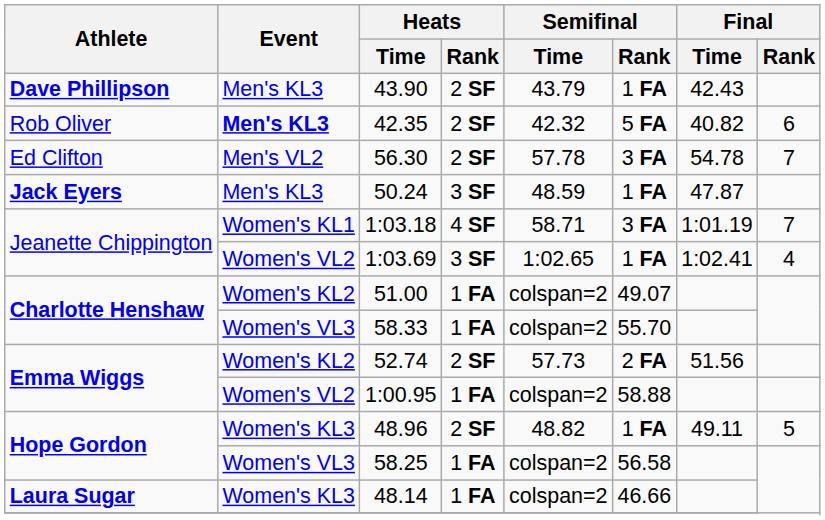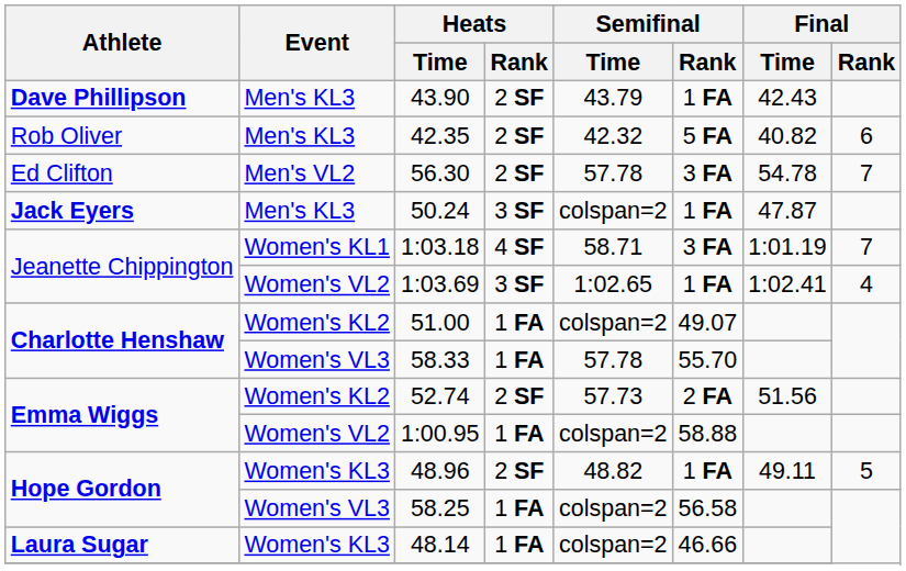 <table class="wikitable" style="font-size:90%">
 <tr>
 <th rowspan="2">Athlete</th>
 <th rowspan="2">Event</th>
 <th colspan="2">Heats</th>
 <th colspan="2">Semifinal</th>
 <th colspan="2">Final</th>
 </tr>
 <tr>
 <th>Time</th>
 <th>Rank</th>
 <th>Time</th>
 <th>Rank</th>
 <th>Time</th>
 <th>Rank</th>
 </tr>
 <tr style="text-align:center">
 <td style="text-align:left"><strong><a href='#'>Dave Phillipson</a></strong></td>
 <td style="text-align:left"><a href='#'>Men's KL3</a></td>
 <td>43.90</td>
 <td>2 <strong>SF</strong></td>
 <td>43.79</td>
 <td>1 <strong>FA</strong></td>
 <td>42.43</td>
 <td></td>
 </tr>
 <tr style="text-align:center">
 <td style="text-align:left"><a href='#'>Rob Oliver</a></td>
-<td style="text-align:left"><strong><a href='#'>Men's KL3</a></strong></td>
+<td style="text-align:left"><a href='#'>Men's KL3</a></td>
 <td>42.35</td>
 <td>2 <strong>SF</strong></td>
 <td>42.32</td>
 <td>5 <strong>FA</strong></td>
 <td>40.82</td>
 <td>6</td>
 </tr>
 <tr style="text-align:center">
 <td style="text-align:left"><a href='#'>Ed Clifton</a></td>
 <td style="text-align:left"><a href='#'>Men's VL2</a></td>
 <td>56.30</td>
 <td>2 <strong>SF</strong></td>
 <td>57.78</td>
 <td>3 <strong>FA</strong></td>
 <td>54.78</td>
 <td>7</td>
 </tr>
 <tr style="text-align:center">
 <td style="text-align:left"><strong><a href='#'>Jack Eyers</a></strong></td>
 <td style="text-align:left"><a href='#'>Men's KL3</a></td>
 <td>50.24</td>
 <td>3 <strong>SF</strong></td>
-<td>48.59</td>
+<td>colspan=2 </td>
 <td>1 <strong>FA</strong></td>
 <td>47.87</td>
 <td></td>
 </tr>
 <tr style="text-align:center">
 <td style="text-align:left" rowspan=2><a href='#'>Jeanette Chippington</a></td>
 <td style="text-align:left"><a href='#'>Women's KL1</a></td>
 <td>1:03.18</td>
 <td>4 <strong>SF</strong></td>
 <td>58.71</td>
 <td>3 <strong>FA</strong></td>
 <td>1:01.19</td>
 <td>7</td>
 </tr>
 <tr style="text-align:center">
 <td style="text-align:left"><a href='#'>Women's VL2</a></td>
 <td>1:03.69</td>
 <td>3 <strong>SF</strong></td>
 <td>1:02.65</td>
 <td>1 <strong>FA</strong></td>
 <td>1:02.41</td>
 <td>4</td>
 </tr>
 <tr style="text-align:center">
 <td style="text-align:left" rowspan=2><strong><a href='#'>Charlotte Henshaw</a></strong></td>
 <td style="text-align:left"><a href='#'>Women's KL2</a></td>
 <td>51.00</td>
 <td>1 <strong>FA</strong></td>
 <td>colspan=2 </td>
 <td>49.07</td>
 <td></td>
 </tr>
 <tr style="text-align:center">
 <td style="text-align:left"><a href='#'>Women's VL3</a></td>
 <td>58.33</td>
 <td>1 <strong>FA</strong></td>
-<td>colspan=2 </td>
+<td>57.78</td>
 <td>55.70</td>
 <td></td>
 </tr>
 <tr style="text-align:center">
 <td style="text-align:left" rowspan=2><strong><a href='#'>Emma Wiggs</a></strong></td>
 <td style="text-align:left"><a href='#'>Women's KL2</a></td>
 <td>52.74</td>
 <td>2 <strong>SF</strong></td>
 <td>57.73</td>
 <td>2 <strong>FA</strong></td>
 <td>51.56</td>
 <td></td>
 </tr>
 <tr style="text-align:center">
 <td style="text-align:left"><a href='#'>Women's VL2</a></td>
 <td>1:00.95</td>
 <td>1 <strong>FA</strong></td>
 <td>colspan=2 </td>
 <td>58.88</td>
 <td></td>
 </tr>
 <tr style="text-align:center">
 <td style="text-align:left" rowspan=2><strong><a href='#'>Hope Gordon</a></strong></td>
 <td style="text-align:left"><a href='#'>Women's KL3</a></td>
 <td>48.96</td>
 <td>2 <strong>SF</strong></td>
 <td>48.82</td>
 <td>1 <strong>FA</strong></td>
 <td>49.11</td>
 <td>5</td>
 </tr>
 <tr style="text-align:center">
 <td style="text-align:left"><a href='#'>Women's VL3</a></td>
 <td>58.25</td>
 <td>1 <strong>FA</strong></td>
 <td>colspan=2 </td>
 <td>56.58</td>
 <td></td>
 </tr>
 <tr style="text-align:center">
 <td style="text-align:left"><strong><a href='#'>Laura Sugar</a></strong></td>
 <td style="text-align:left"><a href='#'>Women's KL3</a></td>
 <td>48.14</td>
 <td>1 <strong>FA</strong></td>
 <td>colspan=2 </td>
 <td>46.66</td>
 <td></td>
 </tr>
 <tr>
 </tr>
 </table>
